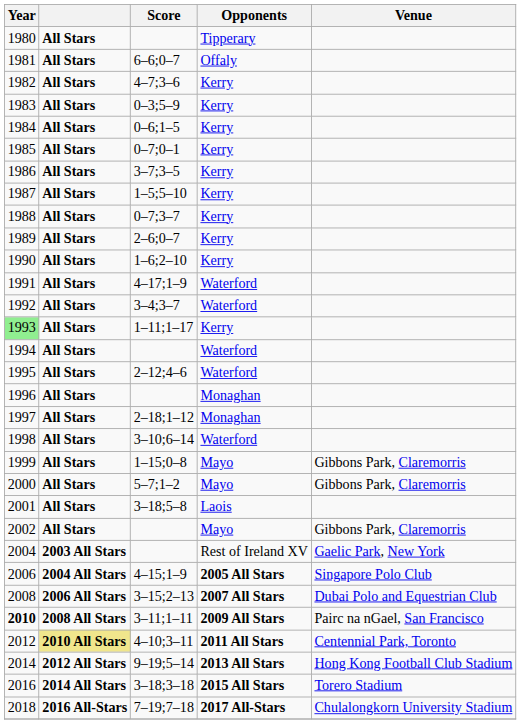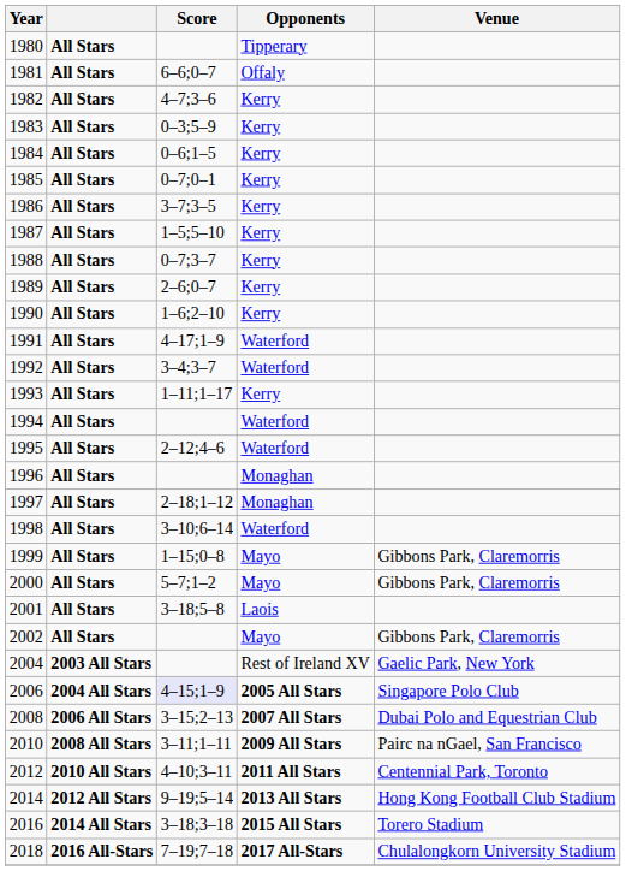 <table class="wikitable collapsible">
 <tr>
 <th>Year</th>
 <th></th>
 <th>Score</th>
 <th>Opponents</th>
 <th>Venue</th>
 </tr>
 <tr>
 <td>1980</td>
 <td><strong>All Stars</strong></td>
 <td></td>
 <td><a href='#'>Tipperary</a></td>
 <td></td>
 </tr>
 <tr>
 <td>1981 </td>
 <td><strong>All Stars</strong></td>
 <td>6–6;0–7</td>
 <td><a href='#'>Offaly</a></td>
 <td></td>
 </tr>
 <tr>
 <td>1982 </td>
 <td><strong>All Stars</strong></td>
 <td>4–7;3–6</td>
 <td><a href='#'>Kerry</a></td>
 <td></td>
 </tr>
 <tr>
 <td>1983 </td>
 <td><strong>All Stars</strong></td>
 <td>0–3;5–9</td>
 <td><a href='#'>Kerry</a></td>
 <td></td>
 </tr>
 <tr>
 <td>1984 </td>
 <td><strong>All Stars</strong></td>
 <td>0–6;1–5</td>
 <td><a href='#'>Kerry</a></td>
 <td></td>
 </tr>
 <tr>
 <td>1985 </td>
 <td><strong>All Stars</strong></td>
 <td>0–7;0–1</td>
 <td><a href='#'>Kerry</a></td>
 <td></td>
 </tr>
 <tr>
 <td>1986 </td>
 <td><strong>All Stars</strong></td>
 <td>3–7;3–5</td>
 <td><a href='#'>Kerry</a></td>
 <td></td>
 </tr>
 <tr>
 <td>1987 </td>
 <td><strong>All Stars</strong></td>
 <td>1–5;5–10</td>
 <td><a href='#'>Kerry</a></td>
 <td></td>
 </tr>
 <tr>
 <td>1988 </td>
 <td><strong>All Stars</strong></td>
 <td>0–7;3–7</td>
 <td><a href='#'>Kerry</a></td>
 <td></td>
 </tr>
 <tr>
 <td>1989 </td>
 <td><strong>All Stars</strong></td>
 <td>2–6;0–7</td>
 <td><a href='#'>Kerry</a></td>
 <td></td>
 </tr>
 <tr>
 <td>1990 </td>
 <td><strong>All Stars</strong></td>
 <td>1–6;2–10</td>
 <td><a href='#'>Kerry</a></td>
 <td></td>
 </tr>
 <tr>
 <td>1991 </td>
 <td><strong>All Stars</strong></td>
 <td>4–17;1–9</td>
 <td><a href='#'>Waterford</a></td>
 <td></td>
 </tr>
 <tr>
 <td>1992 </td>
 <td><strong>All Stars</strong></td>
 <td>3–4;3–7</td>
 <td><a href='#'>Waterford</a></td>
 <td></td>
 </tr>
 <tr>
-<td style="background: lightgreen;">1993 </td>
+<td>1993 </td>
 <td><strong>All Stars</strong></td>
 <td>1–11;1–17</td>
 <td><a href='#'>Kerry</a></td>
 <td></td>
 </tr>
 <tr>
 <td>1994</td>
 <td><strong>All Stars</strong></td>
 <td></td>
 <td><a href='#'>Waterford</a></td>
 <td></td>
 </tr>
 <tr>
 <td>1995 </td>
 <td><strong>All Stars</strong></td>
 <td>2–12;4–6</td>
 <td><a href='#'>Waterford</a></td>
 <td></td>
 </tr>
 <tr>
 <td>1996</td>
 <td><strong>All Stars</strong></td>
 <td></td>
 <td><a href='#'>Monaghan</a></td>
 <td></td>
 </tr>
 <tr>
 <td>1997 </td>
 <td><strong>All Stars</strong></td>
 <td>2–18;1–12</td>
 <td><a href='#'>Monaghan</a></td>
 <td></td>
 </tr>
 <tr>
 <td>1998 </td>
 <td><strong>All Stars</strong></td>
 <td>3–10;6–14</td>
 <td><a href='#'>Waterford</a></td>
 <td></td>
 </tr>
 <tr>
 <td>1999 </td>
 <td><strong>All Stars</strong></td>
 <td>1–15;0–8</td>
 <td><a href='#'>Mayo</a></td>
 <td>Gibbons Park, <a href='#'>Claremorris</a></td>
 </tr>
 <tr>
 <td>2000 </td>
 <td><strong>All Stars</strong></td>
 <td>5–7;1–2</td>
 <td><a href='#'>Mayo</a></td>
 <td>Gibbons Park, <a href='#'>Claremorris</a></td>
 </tr>
 <tr>
 <td>2001 </td>
 <td><strong>All Stars</strong></td>
 <td>3–18;5–8</td>
 <td><a href='#'>Laois</a></td>
 <td></td>
 </tr>
 <tr>
 <td>2002 </td>
 <td><strong>All Stars</strong></td>
 <td><em></em></td>
 <td><a href='#'>Mayo</a></td>
 <td>Gibbons Park, <a href='#'>Claremorris</a></td>
 </tr>
 <tr>
 <td>2004 </td>
 <td><strong>2003 All Stars</strong></td>
 <td><em></em></td>
 <td>Rest of Ireland XV</td>
 <td><a href='#'>Gaelic Park</a>, <a href='#'>New York</a></td>
 </tr>
 <tr>
 <td>2006 </td>
 <td><strong>2004 All Stars</strong></td>
-<td>4–15;1–9</td>
+<td style="background: lavender;">4–15;1–9</td>
 <td><strong>2005 All Stars</strong></td>
 <td><a href='#'>Singapore Polo Club</a></td>
 </tr>
 <tr>
 <td>2008 </td>
 <td><strong>2006 All Stars</strong></td>
 <td>3–15;2–13</td>
 <td><strong>2007 All Stars</strong></td>
 <td><a href='#'>Dubai Polo and Equestrian Club</a></td>
 </tr>
 <tr>
-<td><strong>2010 </strong></td>
+<td>2010 </td>
 <td><strong>2008 All Stars</strong></td>
 <td>3–11;1–11</td>
 <td><strong>2009 All Stars</strong></td>
 <td>Pairc na nGael, <a href='#'>San Francisco</a></td>
 </tr>
 <tr>
 <td>2012 </td>
-<td style="background: khaki;"><strong>2010 All Stars</strong></td>
+<td><strong>2010 All Stars</strong></td>
 <td>4–10;3–11</td>
 <td><strong>2011 All Stars</strong></td>
 <td><a href='#'>Centennial Park, Toronto</a></td>
 </tr>
 <tr>
 <td>2014 </td>
 <td><strong>2012 All Stars</strong></td>
 <td>9–19;5–14</td>
 <td><strong>2013 All Stars</strong></td>
 <td><a href='#'>Hong Kong Football Club Stadium</a></td>
 </tr>
 <tr>
 <td>2016 </td>
 <td><strong>2014 All Stars</strong></td>
 <td>3–18;3–18 <em></em></td>
 <td><strong>2015 All Stars</strong></td>
 <td><a href='#'>Torero Stadium</a></td>
 </tr>
 <tr>
 <td>2018 </td>
 <td><strong>2016 All-Stars</strong></td>
 <td>7–19;7–18</td>
 <td><strong>2017 All-Stars</strong></td>
 <td><a href='#'>Chulalongkorn University Stadium</a></td>
 </tr>
 <tr>
 </tr>
 </table>
